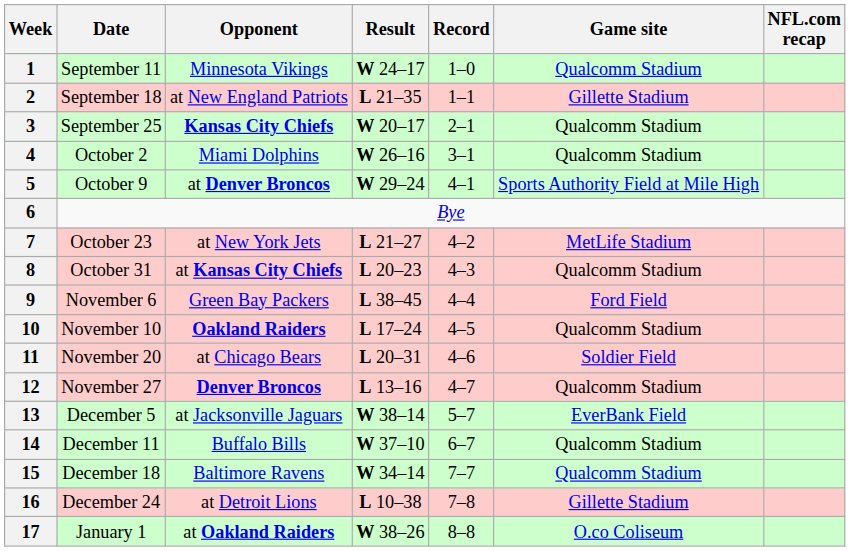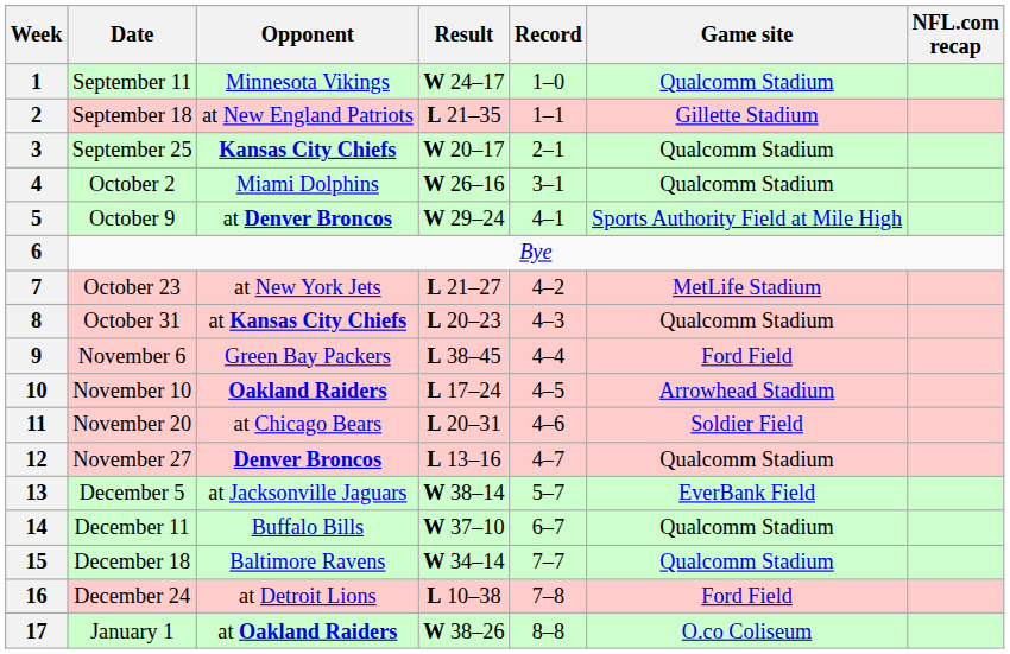 <table class="wikitable" style="text-align:center">
 <tr>
 <th>Week</th>
 <th>Date</th>
 <th>Opponent</th>
 <th>Result</th>
 <th>Record</th>
 <th>Game site</th>
 <th>NFL.com<br>recap</th>
 </tr>
 <tr style="background:#cfc">
 <th>1</th>
 <td>September 11</td>
 <td><a href='#'>Minnesota Vikings</a></td>
 <td><strong>W</strong> 24–17</td>
 <td>1–0</td>
 <td><a href='#'>Qualcomm Stadium</a></td>
 <td></td>
 </tr>
 <tr style="background:#fcc">
 <th>2</th>
 <td>September 18</td>
 <td>at <a href='#'>New England Patriots</a></td>
 <td><strong>L</strong> 21–35</td>
 <td>1–1</td>
 <td><a href='#'>Gillette Stadium</a></td>
 <td></td>
 </tr>
 <tr style="background:#cfc">
 <th>3</th>
 <td>September 25</td>
 <td><strong><a href='#'>Kansas City Chiefs</a></strong></td>
 <td><strong>W</strong> 20–17</td>
 <td>2–1</td>
 <td>Qualcomm Stadium</td>
 <td></td>
 </tr>
 <tr style="background:#cfc">
 <th>4</th>
 <td>October 2</td>
 <td><a href='#'>Miami Dolphins</a></td>
 <td><strong>W</strong> 26–16</td>
 <td>3–1</td>
 <td>Qualcomm Stadium</td>
 <td></td>
 </tr>
 <tr style="background:#cfc">
 <th>5</th>
 <td>October 9</td>
 <td>at <strong><a href='#'>Denver Broncos</a></strong></td>
 <td><strong>W</strong> 29–24</td>
 <td>4–1</td>
 <td><a href='#'>Sports Authority Field at Mile High</a></td>
 <td></td>
 </tr>
 <tr>
 <th>6</th>
 <td colspan="8"><em><a href='#'>Bye</a></em></td>
 </tr>
 <tr style="background:#fcc">
 <th>7</th>
 <td>October 23</td>
 <td>at <a href='#'>New York Jets</a></td>
 <td><strong>L</strong> 21–27</td>
 <td>4–2</td>
 <td><a href='#'>MetLife Stadium</a></td>
 <td></td>
 </tr>
 <tr style="background:#fcc">
 <th>8</th>
 <td>October 31</td>
 <td>at <strong><a href='#'>Kansas City Chiefs</a></strong></td>
 <td><strong>L</strong> 20–23 </td>
 <td>4–3</td>
 <td>Qualcomm Stadium</td>
 <td></td>
 </tr>
 <tr style="background:#fcc">
 <th>9</th>
 <td>November 6</td>
 <td><a href='#'>Green Bay Packers</a></td>
 <td><strong>L</strong> 38–45</td>
 <td>4–4</td>
 <td><a href='#'>Ford Field</a></td>
 <td></td>
 </tr>
 <tr style="background:#fcc">
 <th>10</th>
 <td>November 10</td>
 <td><strong><a href='#'>Oakland Raiders</a></strong></td>
 <td><strong>L</strong> 17–24</td>
 <td>4–5</td>
-<td>Qualcomm Stadium</td>
+<td><a href='#'>Arrowhead Stadium</a></td>
 <td></td>
 </tr>
 <tr style="background:#fcc">
 <th>11</th>
 <td>November 20</td>
 <td>at <a href='#'>Chicago Bears</a></td>
 <td><strong>L</strong> 20–31</td>
 <td>4–6</td>
 <td><a href='#'>Soldier Field</a></td>
 <td></td>
 </tr>
 <tr style="background:#fcc">
 <th>12</th>
 <td>November 27</td>
 <td><strong><a href='#'>Denver Broncos</a></strong></td>
 <td><strong>L</strong> 13–16 </td>
 <td>4–7</td>
 <td>Qualcomm Stadium</td>
 <td></td>
 </tr>
 <tr style="background:#cfc">
 <th>13</th>
 <td>December 5</td>
 <td>at <a href='#'>Jacksonville Jaguars</a></td>
 <td><strong>W</strong> 38–14</td>
 <td>5–7</td>
 <td><a href='#'>EverBank Field</a></td>
 <td></td>
 </tr>
 <tr style="background:#cfc">
 <th>14</th>
 <td>December 11</td>
 <td><a href='#'>Buffalo Bills</a></td>
 <td><strong>W</strong> 37–10</td>
 <td>6–7</td>
 <td>Qualcomm Stadium</td>
 <td></td>
 </tr>
 <tr style="background:#cfc">
 <th>15</th>
 <td>December 18</td>
 <td><a href='#'>Baltimore Ravens</a></td>
 <td><strong>W</strong> 34–14</td>
 <td>7–7</td>
 <td><a href='#'>Qualcomm Stadium</a></td>
 <td></td>
 </tr>
 <tr style="background:#fcc">
 <th>16</th>
 <td>December 24</td>
 <td>at <a href='#'>Detroit Lions</a></td>
 <td><strong>L</strong> 10–38</td>
 <td>7–8</td>
-<td><a href='#'>Gillette Stadium</a></td>
+<td><a href='#'>Ford Field</a></td>
 <td></td>
 </tr>
 <tr style="background:#cfc">
 <th>17</th>
 <td>January 1</td>
 <td>at <strong><a href='#'>Oakland Raiders</a></strong></td>
 <td><strong>W</strong> 38–26</td>
 <td>8–8</td>
 <td><a href='#'>O.co Coliseum</a></td>
 <td></td>
 </tr>
 </table>
